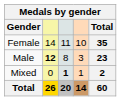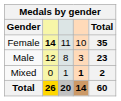 <table class="wikitable" style="font-size:85%;">
 <tr style="background:#efefef;">
 <th colspan=6>Medals by gender</th>
 </tr>
 <tr align=center>
 <th>Gender</th>
 <td bgcolor=F7F6A8></td>
 <td bgcolor=DCE5E5></td>
 <td bgcolor=FFDAB9></td>
 <th>Total</th>
 </tr>
 <tr align=center>
 <td>Female</td>
-<td bgcolor=F7F6A8>14</td>
+<td bgcolor=F7F6A8><strong>14</strong></td>
 <td bgcolor=DCE5E5>11</td>
 <td bgcolor=FFDAB9>10</td>
 <th>35</th>
 </tr>
 <tr align=center>
 <td>Male</td>
-<td bgcolor=F7F6A8><strong>12</strong></td>
+<td bgcolor=F7F6A8>12</td>
 <td bgcolor=DCE5E5>8</td>
 <td bgcolor=FFDAB9>3</td>
 <th>23</th>
 </tr>
 <tr align=center>
 <td>Mixed</td>
 <td bgcolor=F7F6A8>0</td>
-<td bgcolor=DCE5E5><strong>1</strong></td>
-<td bgcolor=FFDAB9>1</td>
+<td bgcolor=DCE5E5>1</td>
+<td bgcolor=FFDAB9><strong>1</strong></td>
 <th>2</th>
 </tr>
 <tr align=center>
 <th>Total</th>
 <th style=background:gold>26</th>
 <th style=background:silver>20</th>
 <th style=background:#c96>14</th>
 <th>60</th>
 </tr>
 </table>
